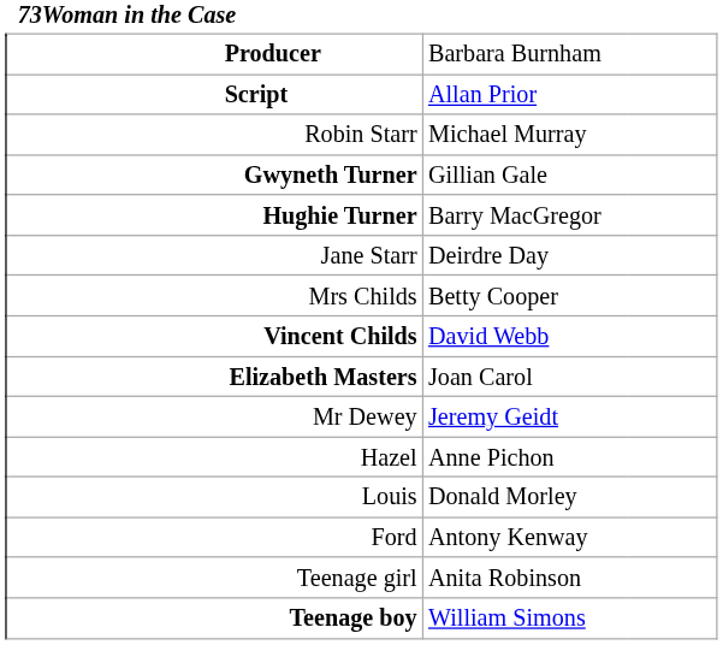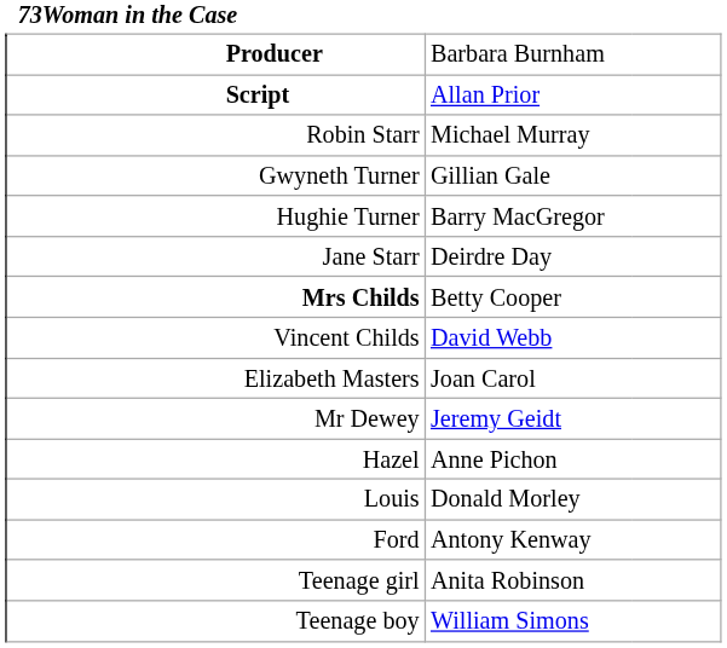 <table class="wikitable mw-collapsible mw-collapsed" style="vertical-align:top;margin:auto 2em;line-height:1.2;min-width:33em;display: inline-table;background-color:inherit;border:none;">
 <tr>
 <td class=unsortable style="border:hidden;line-height:1.67;text-align:center;margin-left:-1em;padding-left:0.5em;min-width:1.0em;"></td>
 <td class=unsortable style="border:none;padding-left:0.5em;text-align:left;min-width:16.5em;font-weight:700;font-style:italic;">73Woman in the Case</td>
 <td class=unsortable style="border:none;text-align:right;font-weight:normal;font-family:Courier;font-size:95%;letter-spacing:-1pt;min-width:8.5em;padding-right:0.2em;"></td>
 <td class=unsortable style="border:hidden;min-width:3.5em;padding-left:0;"></td>
 <td class=unsortable style="border:hidden;min-width:3.5em;font-size:95%;"></td>
 </tr>
 <tr>
 <td rowspan=100 style="border:none thin;border-right-style :solid;"></td>
 </tr>
 <tr>
 <td style="text-align:left;padding-left:9.0em;font-weight:bold;">Producer</td>
 <td colspan=2>Barbara Burnham</td>
 </tr>
 <tr>
 <td style="text-align:left;padding-left:9.0em;font-weight:bold;">Script</td>
 <td colspan=2><a href='#'>Allan Prior</a></td>
 </tr>
 <tr>
 <td style="text-align:right;">Robin Starr</td>
 <td colspan=2>Michael Murray</td>
 </tr>
 <tr>
-<td style="text-align:right;"><strong>Gwyneth Turner</strong></td>
+<td style="text-align:right;">Gwyneth Turner</td>
 <td colspan=2>Gillian Gale</td>
 </tr>
 <tr>
-<td style="text-align:right;"><strong>Hughie Turner</strong></td>
+<td style="text-align:right;">Hughie Turner</td>
 <td colspan=2>Barry MacGregor</td>
 </tr>
 <tr>
 <td style="text-align:right;">Jane Starr</td>
 <td colspan=2>Deirdre Day</td>
 </tr>
 <tr>
-<td style="text-align:right;">Mrs Childs</td>
+<td style="text-align:right;"><strong>Mrs Childs</strong></td>
 <td colspan=2>Betty Cooper</td>
 </tr>
 <tr>
-<td style="text-align:right;"><strong>Vincent Childs</strong></td>
+<td style="text-align:right;">Vincent Childs</td>
 <td colspan=2><a href='#'>David Webb</a></td>
 </tr>
 <tr>
-<td style="text-align:right;"><strong>Elizabeth Masters</strong></td>
+<td style="text-align:right;">Elizabeth Masters</td>
 <td colspan=2>Joan Carol</td>
 </tr>
 <tr>
 <td style="text-align:right;">Mr Dewey</td>
 <td colspan=2><a href='#'>Jeremy Geidt</a></td>
 </tr>
 <tr>
 <td style="text-align:right;">Hazel</td>
 <td colspan=2>Anne Pichon</td>
 </tr>
 <tr>
 <td style="text-align:right;">Louis</td>
 <td colspan=2>Donald Morley</td>
 </tr>
 <tr>
 <td style="text-align:right;">Ford</td>
 <td colspan=2>Antony Kenway</td>
 </tr>
 <tr>
 <td style="text-align:right;">Teenage girl</td>
 <td colspan=2>Anita Robinson</td>
 </tr>
 <tr>
-<td style="text-align:right;"><strong>Teenage boy</strong></td>
+<td style="text-align:right;">Teenage boy</td>
 <td colspan=2><a href='#'>William Simons</a></td>
 </tr>
 </table>
